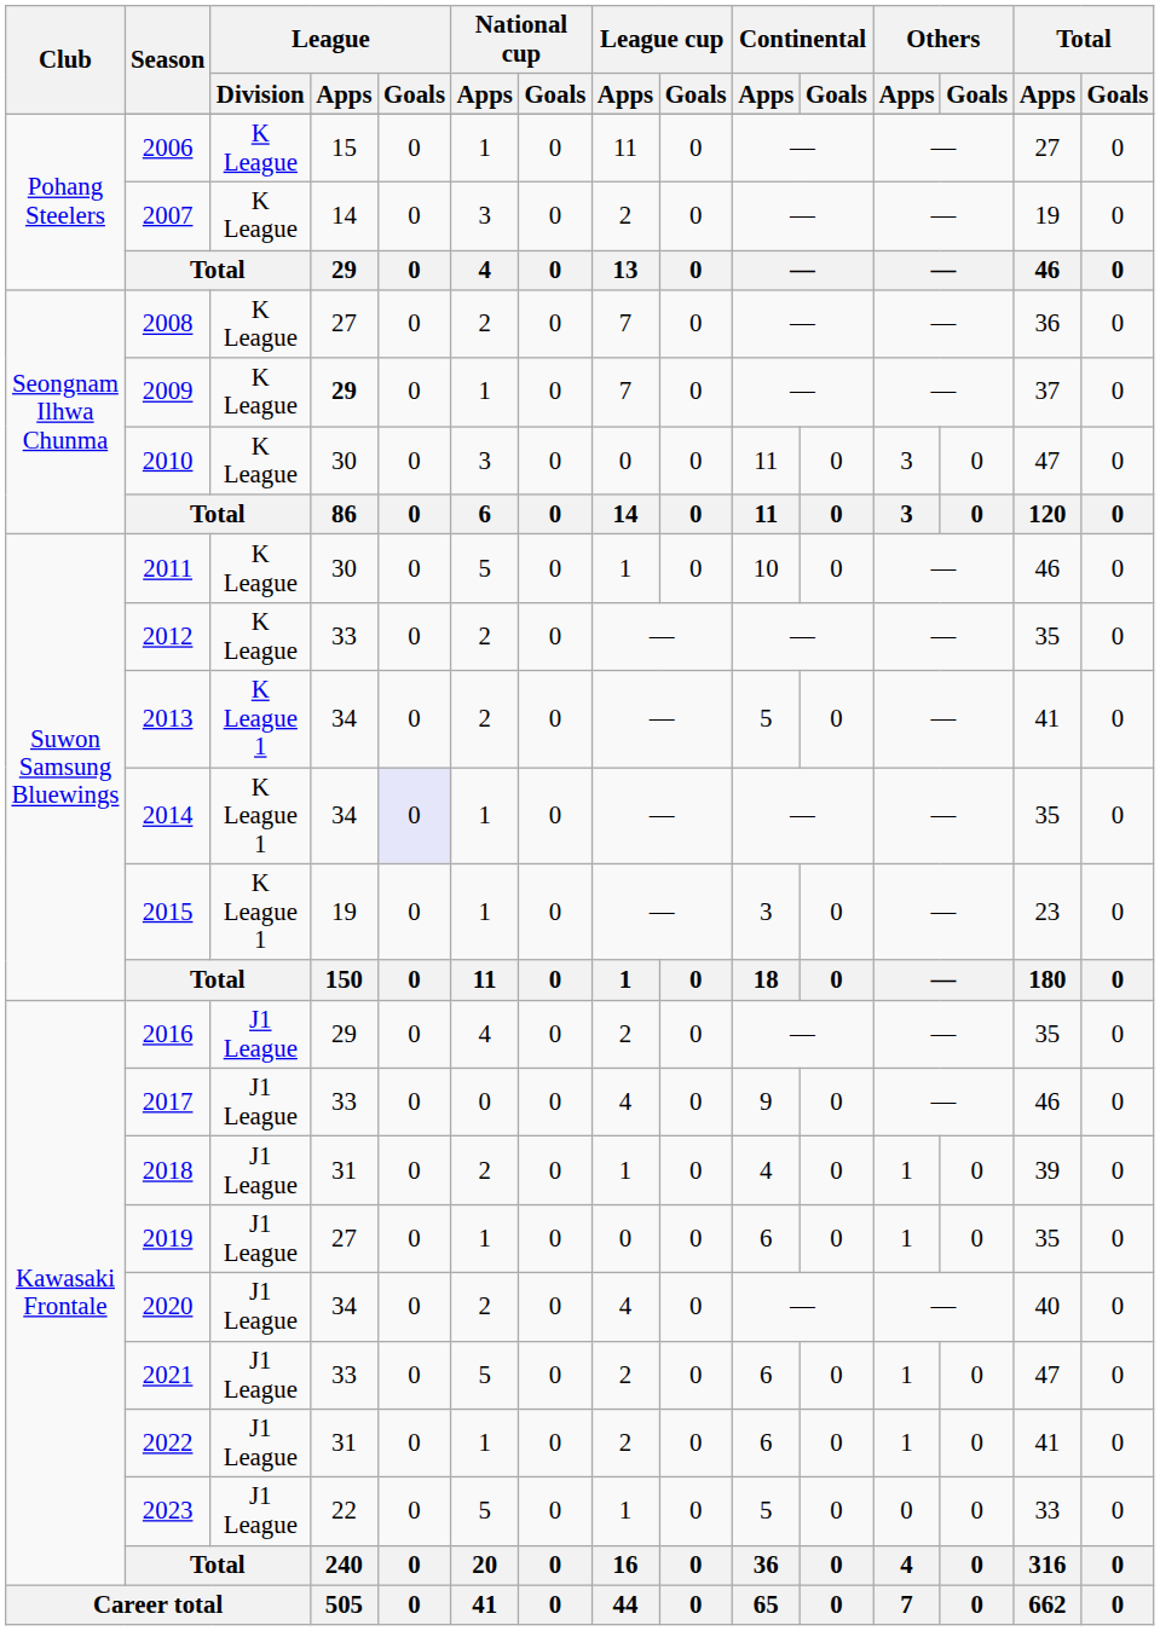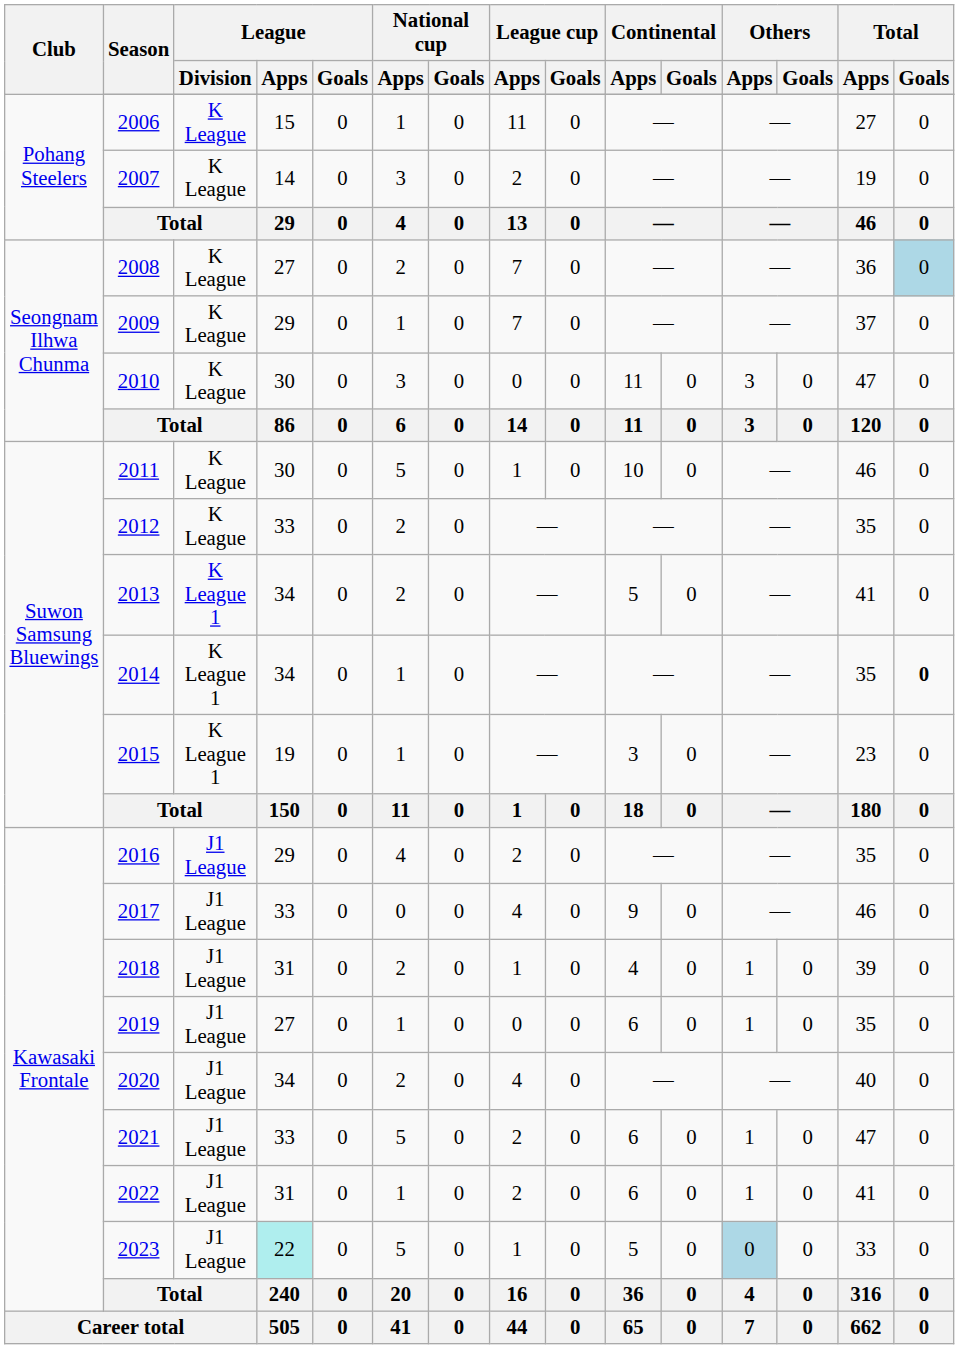 <table class="wikitable" style="text-align:center">
 <tr>
 <th rowspan="2">Club</th>
 <th rowspan="2">Season</th>
 <th colspan="3">League</th>
 <th colspan="2">National cup</th>
 <th colspan="2">League cup</th>
 <th colspan="2">Continental</th>
 <th colspan="2">Others</th>
 <th colspan="2">Total</th>
 </tr>
 <tr>
 <th>Division</th>
 <th>Apps</th>
 <th>Goals</th>
 <th>Apps</th>
 <th>Goals</th>
 <th>Apps</th>
 <th>Goals</th>
 <th>Apps</th>
 <th>Goals</th>
 <th>Apps</th>
 <th>Goals</th>
 <th>Apps</th>
 <th>Goals</th>
 </tr>
 <tr>
 <td rowspan="4"><a href='#'>Pohang Steelers</a></td>
 </tr>
 <tr>
 <td><a href='#'>2006</a></td>
 <td><a href='#'>K League</a></td>
 <td>15</td>
 <td>0</td>
 <td>1</td>
 <td>0</td>
 <td>11</td>
 <td>0</td>
 <td colspan="2">—</td>
 <td colspan="2">—</td>
 <td>27</td>
 <td>0</td>
 </tr>
 <tr>
 <td><a href='#'>2007</a></td>
 <td>K League</td>
 <td>14</td>
 <td>0</td>
 <td>3</td>
 <td>0</td>
 <td>2</td>
 <td>0</td>
 <td colspan="2">—</td>
 <td colspan="2">—</td>
 <td>19</td>
 <td>0</td>
 </tr>
 <tr>
 <th colspan=2>Total</th>
 <th>29</th>
 <th>0</th>
 <th>4</th>
 <th>0</th>
 <th>13</th>
 <th>0</th>
 <th colspan="2">—</th>
 <th colspan="2">—</th>
 <th>46</th>
 <th>0</th>
 </tr>
 <tr>
 <td rowspan="4"><a href='#'>Seongnam Ilhwa Chunma</a></td>
 <td><a href='#'>2008</a></td>
 <td>K League</td>
 <td>27</td>
 <td>0</td>
 <td>2</td>
 <td>0</td>
 <td>7</td>
 <td>0</td>
 <td colspan="2">—</td>
 <td colspan="2">—</td>
 <td>36</td>
-<td>0</td>
+<td style="background: lightblue;">0</td>
 </tr>
 <tr>
 <td><a href='#'>2009</a></td>
 <td>K League</td>
-<td><strong>29</strong></td>
+<td>29</td>
 <td>0</td>
 <td>1</td>
 <td>0</td>
 <td>7</td>
 <td>0</td>
 <td colspan="2">—</td>
 <td colspan="2">—</td>
 <td>37</td>
 <td>0</td>
 </tr>
 <tr>
 <td><a href='#'>2010</a></td>
 <td>K League</td>
 <td>30</td>
 <td>0</td>
 <td>3</td>
 <td>0</td>
 <td>0</td>
 <td>0</td>
 <td>11</td>
 <td>0</td>
 <td>3</td>
 <td>0</td>
 <td>47</td>
 <td>0</td>
 </tr>
 <tr>
 <th colspan=2>Total</th>
 <th>86</th>
 <th>0</th>
 <th>6</th>
 <th>0</th>
 <th>14</th>
 <th>0</th>
 <th>11</th>
 <th>0</th>
 <th>3</th>
 <th>0</th>
 <th>120</th>
 <th>0</th>
 </tr>
 <tr>
 <td rowspan="6"><a href='#'>Suwon Samsung Bluewings</a></td>
 <td><a href='#'>2011</a></td>
 <td>K League</td>
 <td>30</td>
 <td>0</td>
 <td>5</td>
 <td>0</td>
 <td>1</td>
 <td>0</td>
 <td>10</td>
 <td>0</td>
 <td colspan="2">—</td>
 <td>46</td>
 <td>0</td>
 </tr>
 <tr>
 <td><a href='#'>2012</a></td>
 <td>K League</td>
 <td>33</td>
 <td>0</td>
 <td>2</td>
 <td>0</td>
 <td colspan=2>—</td>
 <td colspan=2>—</td>
 <td colspan="2">—</td>
 <td>35</td>
 <td>0</td>
 </tr>
 <tr>
 <td><a href='#'>2013</a></td>
 <td><a href='#'>K League 1</a></td>
 <td>34</td>
 <td>0</td>
 <td>2</td>
 <td>0</td>
 <td colspan=2>—</td>
 <td>5</td>
 <td>0</td>
 <td colspan="2">—</td>
 <td>41</td>
 <td>0</td>
 </tr>
 <tr>
 <td><a href='#'>2014</a></td>
 <td>K League 1</td>
 <td>34</td>
-<td style="background: lavender;">0</td>
+<td>0</td>
 <td>1</td>
 <td>0</td>
 <td colspan=2>—</td>
 <td colspan="2">—</td>
 <td colspan="2">—</td>
 <td>35</td>
-<td>0</td>
+<td><strong>0</strong></td>
 </tr>
 <tr>
 <td><a href='#'>2015</a></td>
 <td>K League 1</td>
 <td>19</td>
 <td>0</td>
 <td>1</td>
 <td>0</td>
 <td colspan="2">—</td>
 <td>3</td>
 <td>0</td>
 <td colspan="2">—</td>
 <td>23</td>
 <td>0</td>
 </tr>
 <tr>
 <th colspan="2">Total</th>
 <th>150</th>
 <th>0</th>
 <th>11</th>
 <th>0</th>
 <th>1</th>
 <th>0</th>
 <th>18</th>
 <th>0</th>
 <th colspan="2">—</th>
 <th>180</th>
 <th>0</th>
 </tr>
 <tr>
 <td rowspan="9"><a href='#'>Kawasaki Frontale</a></td>
 <td><a href='#'>2016</a></td>
 <td><a href='#'>J1 League</a></td>
 <td>29</td>
 <td>0</td>
 <td>4</td>
 <td>0</td>
 <td>2</td>
 <td>0</td>
 <td colspan="2">—</td>
 <td colspan="2">—</td>
 <td>35</td>
 <td>0</td>
 </tr>
 <tr>
 <td><a href='#'>2017</a></td>
 <td>J1 League</td>
 <td>33</td>
 <td>0</td>
 <td>0</td>
 <td>0</td>
 <td>4</td>
 <td>0</td>
 <td>9</td>
 <td>0</td>
 <td colspan="2">—</td>
 <td>46</td>
 <td>0</td>
 </tr>
 <tr>
 <td><a href='#'>2018</a></td>
 <td>J1 League</td>
 <td>31</td>
 <td>0</td>
 <td>2</td>
 <td>0</td>
 <td>1</td>
 <td>0</td>
 <td>4</td>
 <td>0</td>
 <td>1</td>
 <td>0</td>
 <td>39</td>
 <td>0</td>
 </tr>
 <tr>
 <td><a href='#'>2019</a></td>
 <td>J1 League</td>
 <td>27</td>
 <td>0</td>
 <td>1</td>
 <td>0</td>
 <td>0</td>
 <td>0</td>
 <td>6</td>
 <td>0</td>
 <td>1</td>
 <td>0</td>
 <td>35</td>
 <td>0</td>
 </tr>
 <tr>
 <td><a href='#'>2020</a></td>
 <td>J1 League</td>
 <td>34</td>
 <td>0</td>
 <td>2</td>
 <td>0</td>
 <td>4</td>
 <td>0</td>
 <td colspan="2">—</td>
 <td colspan="2">—</td>
 <td>40</td>
 <td>0</td>
 </tr>
 <tr>
 <td><a href='#'>2021</a></td>
 <td>J1 League</td>
 <td>33</td>
 <td>0</td>
 <td>5</td>
 <td>0</td>
 <td>2</td>
 <td>0</td>
 <td>6</td>
 <td>0</td>
 <td>1</td>
 <td>0</td>
 <td>47</td>
 <td>0</td>
 </tr>
 <tr>
 <td><a href='#'>2022</a></td>
 <td>J1 League</td>
 <td>31</td>
 <td>0</td>
 <td>1</td>
 <td>0</td>
 <td>2</td>
 <td>0</td>
 <td>6</td>
 <td>0</td>
 <td>1</td>
 <td>0</td>
 <td>41</td>
 <td>0</td>
 </tr>
 <tr>
 <td><a href='#'>2023</a></td>
 <td>J1 League</td>
-<td>22</td>
+<td style="background: paleturquoise;">22</td>
 <td>0</td>
 <td>5</td>
 <td>0</td>
 <td>1</td>
 <td>0</td>
 <td>5</td>
 <td>0</td>
-<td>0</td>
+<td style="background: lightblue;">0</td>
 <td>0</td>
 <td>33</td>
 <td>0</td>
 </tr>
 <tr>
 <th colspan="2">Total</th>
 <th>240</th>
 <th>0</th>
 <th>20</th>
 <th>0</th>
 <th>16</th>
 <th>0</th>
 <th>36</th>
 <th>0</th>
 <th>4</th>
 <th>0</th>
 <th>316</th>
 <th>0</th>
 </tr>
 <tr>
 <th colspan="3">Career total</th>
 <th>505</th>
 <th>0</th>
 <th>41</th>
 <th>0</th>
 <th>44</th>
 <th>0</th>
 <th>65</th>
 <th>0</th>
 <th>7</th>
 <th>0</th>
 <th>662</th>
 <th>0</th>
 </tr>
 </table>
